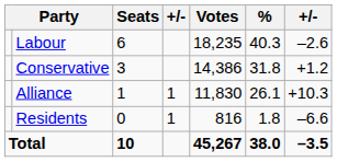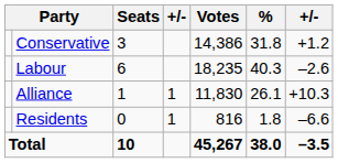 <table class="wikitable sortable">
 <tr>
 <th colspan="2">Party</th>
 <th>Seats</th>
 <th>+/-</th>
 <th>Votes</th>
 <th>%</th>
 <th>+/-</th>
 </tr>
 <tr>
 <td style="background-color: "></td>
+<td><a href='#'>Conservative</a></td>
+<td>3</td>
+<td></td>
+<td style="text-align:right;">14,386</td>
+<td style="text-align:right;">31.8</td>
+<td style="text-align:right;">+1.2</td>
+</tr>
+<tr>
+<td style="background-color: "></td>
 <td><a href='#'>Labour</a></td>
 <td>6</td>
 <td></td>
 <td style="text-align:right;">18,235</td>
 <td style="text-align:right;">40.3</td>
 <td style="text-align:right;">–2.6</td>
-</tr>
-<tr>
-<td style="background-color: "></td>
-<td><a href='#'>Conservative</a></td>
-<td>3</td>
-<td></td>
-<td style="text-align:right;">14,386</td>
-<td style="text-align:right;">31.8</td>
-<td style="text-align:right;">+1.2</td>
 </tr>
 <tr>
 <td style="background-color: "></td>
 <td><a href='#'>Alliance</a></td>
 <td>1</td>
 <td> 1</td>
 <td style="text-align:right;">11,830</td>
 <td style="text-align:right;">26.1</td>
 <td style="text-align:right;">+10.3</td>
 </tr>
 <tr>
 <td style="background-color: "></td>
 <td><a href='#'>Residents</a></td>
 <td>0</td>
 <td> 1</td>
 <td style="text-align:right;">816</td>
 <td style="text-align:right;">1.8</td>
 <td style="text-align:right;">–6.6</td>
 </tr>
 <tr>
 <td colspan="2"><strong>Total</strong></td>
 <td><strong>10</strong></td>
 <td></td>
 <td style="text-align:right;"><strong>45,267</strong></td>
 <td style="text-align:right;"><strong>38.0</strong></td>
 <td style="text-align:right;"><strong>–3.5</strong></td>
 </tr>
 </table>
